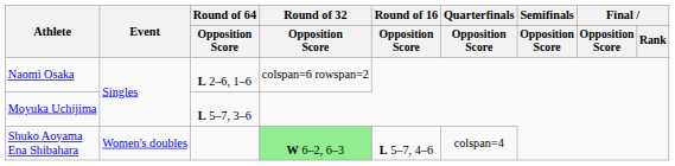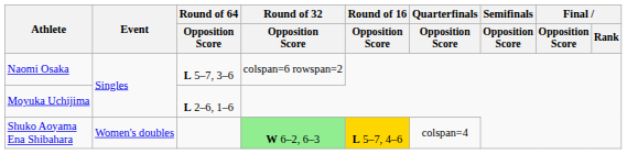 <table class=wikitable style="font-size:90%">
 <tr>
 <th rowspan="2">Athlete</th>
 <th rowspan="2">Event</th>
 <th>Round of 64</th>
 <th>Round of 32</th>
 <th>Round of 16</th>
 <th>Quarterfinals</th>
 <th>Semifinals</th>
 <th colspan=2>Final / </th>
 </tr>
 <tr style="font-size:95%">
 <th>Opposition<br>Score</th>
 <th>Opposition<br>Score</th>
 <th>Opposition<br>Score</th>
 <th>Opposition<br>Score</th>
 <th>Opposition<br>Score</th>
 <th>Opposition<br>Score</th>
 <th>Rank</th>
 </tr>
 <tr align=center>
 <td align=left><a href='#'>Naomi Osaka</a></td>
 <td align=left rowspan=2><a href='#'>Singles</a></td>
-<td><br><strong>L</strong> 2–6, 1–6</td>
+<td><br><strong>L</strong> 5–7, 3–6</td>
 <td>colspan=6 rowspan=2 </td>
 </tr>
 <tr align=center>
 <td align=left><a href='#'>Moyuka Uchijima</a></td>
-<td><br><strong>L</strong> 5–7, 3–6</td>
+<td><br><strong>L</strong> 2–6, 1–6</td>
 </tr>
 <tr align=center>
 <td align=left><a href='#'>Shuko Aoyama</a><br><a href='#'>Ena Shibahara</a></td>
 <td align=left><a href='#'>Women's doubles</a></td>
 <td></td>
 <td style="background: lightgreen;"><br><strong>W</strong> 6–2, 6–3</td>
-<td><br><strong>L</strong> 5–7, 4–6</td>
+<td style="background: gold;"><br><strong>L</strong> 5–7, 4–6</td>
 <td>colspan=4</td>
 </tr>
 </table>
